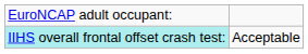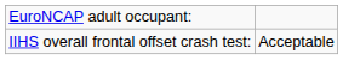 <table class="wikitable">
 <tr>
 <td><a href='#'>EuroNCAP</a> adult occupant:</td>
 <td></td>
 </tr>
 <tr>
-<td style="background: paleturquoise;"><a href='#'>IIHS</a> overall frontal offset crash test:</td>
+<td><a href='#'>IIHS</a> overall frontal offset crash test:</td>
 <td>Acceptable</td>
 </tr>
 </table>
